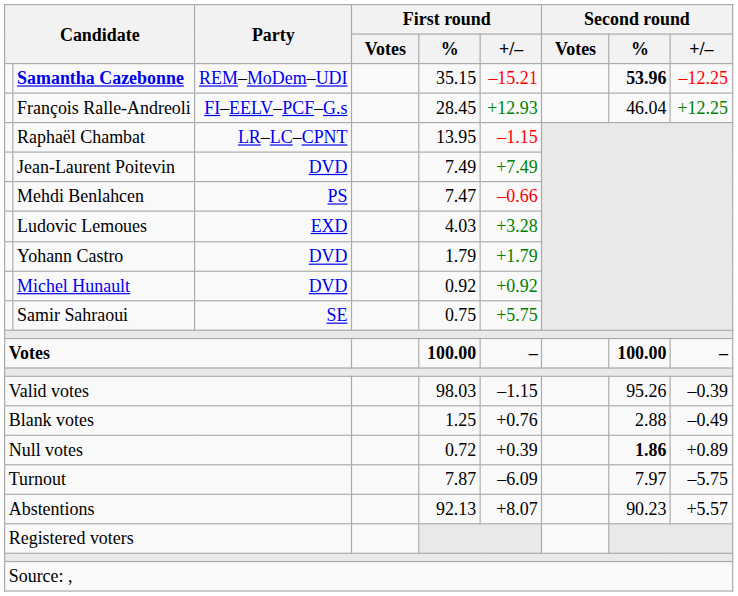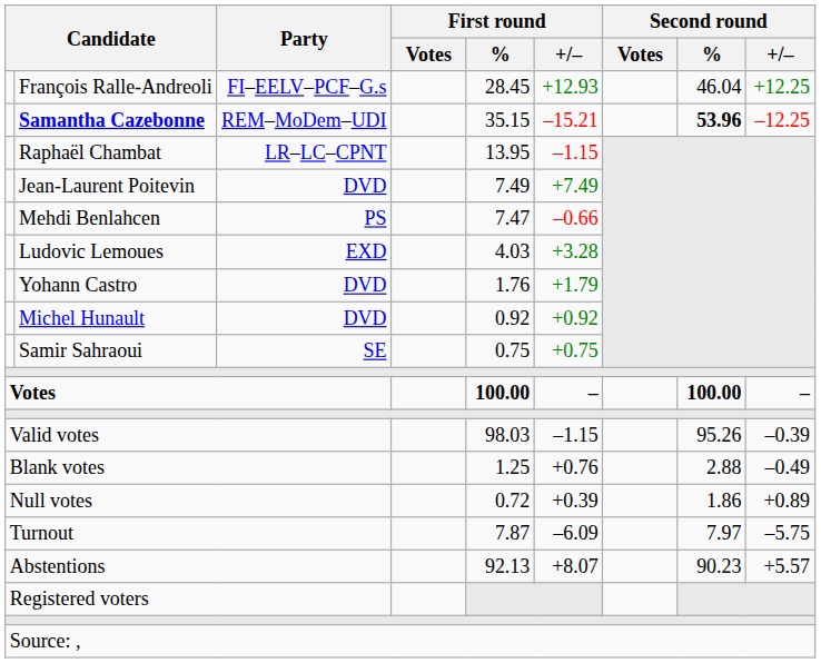 <table class="wikitable" style="text-align:right;font-size:95%;">
 <tr>
 <th rowspan="2" colspan="2">Candidate</th>
 <th rowspan="2">Party</th>
 <th colspan="3">First round</th>
 <th colspan="3">Second round</th>
 </tr>
 <tr>
 <th style="width:50px;">Votes</th>
 <th style="width:45px;">%</th>
 <th style="width:45px;">+/–</th>
 <th style="width:50px;">Votes</th>
 <th style="width:45px;">%</th>
 <th style="width:45px;">+/–</th>
 </tr>
 <tr>
 <td style="background:"></td>
+<td style="text-align:left;">François Ralle-Andreoli</td>
+<td><a href='#'>FI</a>–<a href='#'>EELV</a>–<a href='#'>PCF</a>–<a href='#'>G.s</a></td>
+<td></td>
+<td>28.45</td>
+<td style="color:green;">+12.93</td>
+<td></td>
+<td>46.04</td>
+<td style="color:green;">+12.25</td>
+</tr>
+<tr>
+<td style="background:"></td>
 <td style="text-align:left;"><strong><a href='#'>Samantha Cazebonne</a></strong></td>
 <td><a href='#'>REM</a>–<a href='#'>MoDem</a>–<a href='#'>UDI</a></td>
 <td></td>
 <td>35.15</td>
 <td style="color:red;">–15.21</td>
 <td><strong></strong></td>
 <td><strong>53.96</strong></td>
 <td style="color:red;">–12.25</td>
-</tr>
-<tr>
-<td style="background:"></td>
-<td style="text-align:left;">François Ralle-Andreoli</td>
-<td><a href='#'>FI</a>–<a href='#'>EELV</a>–<a href='#'>PCF</a>–<a href='#'>G.s</a></td>
-<td></td>
-<td>28.45</td>
-<td style="color:green;">+12.93</td>
-<td></td>
-<td>46.04</td>
-<td style="color:green;">+12.25</td>
 </tr>
 <tr>
 <td style="background:"></td>
 <td style="text-align:left;">Raphaël Chambat</td>
 <td><a href='#'>LR</a>–<a href='#'>LC</a>–<a href='#'>CPNT</a></td>
 <td></td>
 <td>13.95</td>
 <td style="color:red;">–1.15</td>
 <td colspan="3" rowspan="7" style="background:#E9E9E9;"></td>
 </tr>
 <tr>
 <td style="background:"></td>
 <td style="text-align:left;">Jean-Laurent Poitevin</td>
 <td><a href='#'>DVD</a></td>
 <td></td>
 <td>7.49</td>
 <td style="color:green;">+7.49</td>
 </tr>
 <tr>
 <td style="background:"></td>
 <td style="text-align:left;">Mehdi Benlahcen</td>
 <td><a href='#'>PS</a></td>
 <td></td>
 <td>7.47</td>
 <td style="color:red;">–0.66</td>
 </tr>
 <tr>
 <td style="background:"></td>
 <td style="text-align:left;">Ludovic Lemoues</td>
 <td><a href='#'>EXD</a></td>
 <td></td>
 <td>4.03</td>
 <td style="color:green;">+3.28</td>
 </tr>
 <tr>
 <td style="background:"></td>
 <td style="text-align:left;">Yohann Castro</td>
 <td><a href='#'>DVD</a></td>
 <td></td>
-<td>1.79</td>
+<td>1.76</td>
 <td style="color:green;">+1.79</td>
 </tr>
 <tr>
 <td style="background:"></td>
 <td style="text-align:left;"><a href='#'>Michel Hunault</a></td>
 <td><a href='#'>DVD</a></td>
 <td></td>
 <td>0.92</td>
 <td style="color:green;">+0.92</td>
 </tr>
 <tr>
 <td style="background:"></td>
 <td style="text-align:left;">Samir Sahraoui</td>
 <td><a href='#'>SE</a></td>
 <td></td>
 <td>0.75</td>
-<td style="color:green;">+5.75</td>
+<td style="color:green;">+0.75</td>
 </tr>
 <tr>
 <td colspan="9" style="background:#E9E9E9;"></td>
 </tr>
 <tr style="font-weight:bold;">
 <td colspan="3" style="text-align:left;">Votes</td>
 <td></td>
 <td>100.00</td>
 <td>–</td>
 <td></td>
 <td>100.00</td>
 <td>–</td>
 </tr>
 <tr>
 <td colspan="9" style="background:#E9E9E9;"></td>
 </tr>
 <tr>
 <td colspan="3" style="text-align:left;">Valid votes</td>
 <td></td>
 <td>98.03</td>
 <td>–1.15</td>
 <td></td>
 <td>95.26</td>
 <td>–0.39</td>
 </tr>
 <tr>
 <td colspan="3" style="text-align:left;">Blank votes</td>
 <td></td>
 <td>1.25</td>
 <td>+0.76</td>
 <td></td>
 <td>2.88</td>
 <td>–0.49</td>
 </tr>
 <tr>
 <td colspan="3" style="text-align:left;">Null votes</td>
 <td></td>
 <td>0.72</td>
 <td>+0.39</td>
 <td></td>
-<td><strong>1.86</strong></td>
+<td>1.86</td>
 <td>+0.89</td>
 </tr>
 <tr>
 <td colspan="3" style="text-align:left;">Turnout</td>
 <td></td>
 <td>7.87</td>
 <td>–6.09</td>
 <td></td>
 <td>7.97</td>
 <td>–5.75</td>
 </tr>
 <tr>
 <td colspan="3" style="text-align:left;">Abstentions</td>
 <td></td>
 <td>92.13</td>
 <td>+8.07</td>
 <td></td>
 <td>90.23</td>
 <td>+5.57</td>
 </tr>
 <tr>
 <td colspan="3" style="text-align:left;">Registered voters</td>
 <td></td>
 <td colspan="2" style="background:#E9E9E9;"></td>
 <td></td>
 <td colspan="2" style="background:#E9E9E9;"></td>
 </tr>
 <tr>
 <td colspan="9" style="background:#E9E9E9;"></td>
 </tr>
 <tr>
 <td colspan="9" style="text-align:left;">Source: , </td>
 </tr>
 </table>
